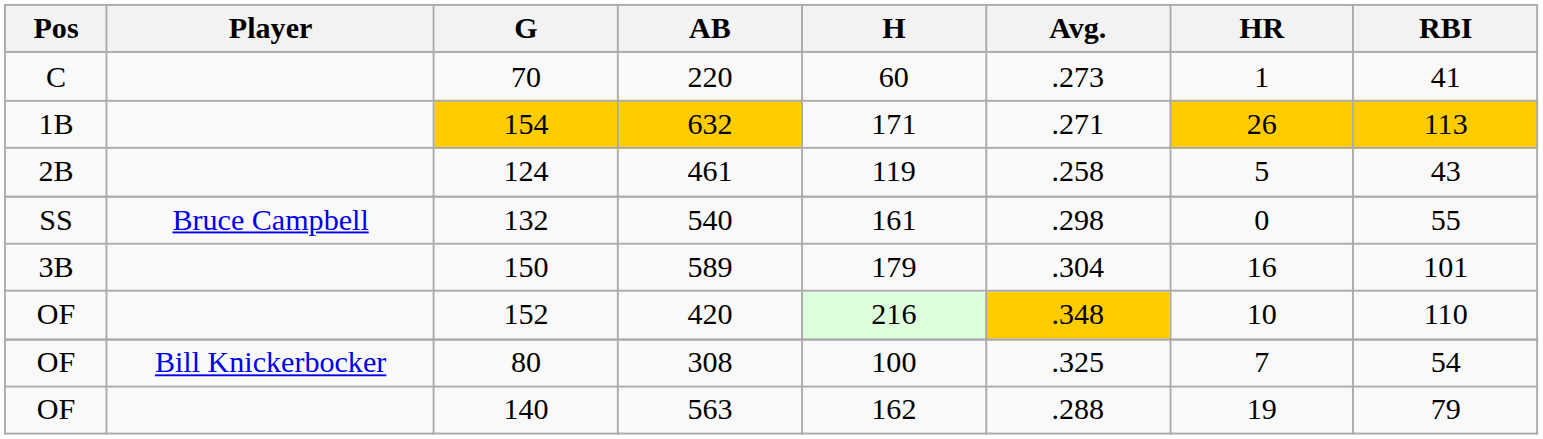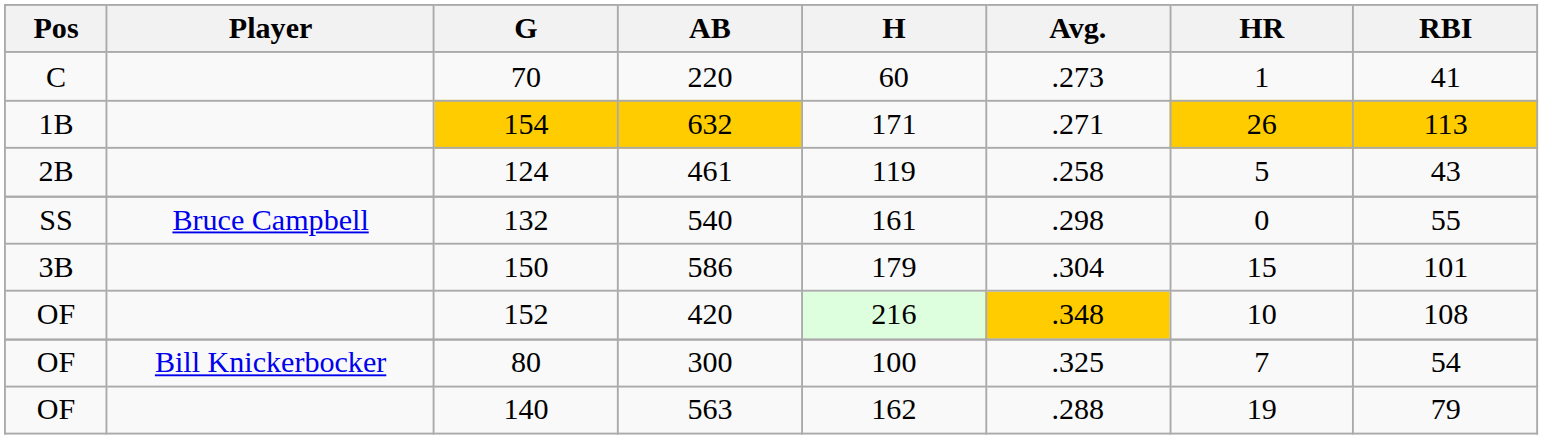 <table class="wikitable sortable">
 <tr>
 <th bgcolor="#DDDDFF" width="5%">Pos</th>
 <th bgcolor="#DDDDFF" width="16%">Player</th>
 <th bgcolor="#DDDDFF" width="9%">G</th>
 <th bgcolor="#DDDDFF" width="9%">AB</th>
 <th bgcolor="#DDDDFF" width="9%">H</th>
 <th bgcolor="#DDDDFF" width="9%">Avg.</th>
 <th bgcolor="#DDDDFF" width="9%">HR</th>
 <th bgcolor="#DDDDFF" width="9%">RBI</th>
 </tr>
 <tr align="center">
 <td>C</td>
 <td></td>
 <td>70</td>
 <td>220</td>
 <td>60</td>
 <td>.273</td>
 <td>1</td>
 <td>41</td>
 </tr>
 <tr align="center">
 <td>1B</td>
 <td></td>
 <td style="background:#fc0;">154</td>
 <td style="background:#fc0;">632</td>
 <td>171</td>
 <td>.271</td>
 <td style="background:#fc0;">26</td>
 <td style="background:#fc0;">113</td>
 </tr>
 <tr align="center">
 <td>2B</td>
 <td></td>
 <td>124</td>
 <td>461</td>
 <td>119</td>
 <td>.258</td>
 <td>5</td>
 <td>43</td>
 </tr>
 <tr>
 </tr>
 <tr align="center">
 <td>SS</td>
 <td><a href='#'>Bruce Campbell</a></td>
 <td>132</td>
 <td>540</td>
 <td>161</td>
 <td>.298</td>
 <td>0</td>
 <td>55</td>
 </tr>
 <tr align="center">
 <td>3B</td>
 <td></td>
 <td>150</td>
-<td>589</td>
+<td>586</td>
 <td>179</td>
 <td>.304</td>
-<td>16</td>
+<td>15</td>
 <td>101</td>
 </tr>
 <tr align="center">
 <td>OF</td>
 <td></td>
 <td>152</td>
 <td>420</td>
 <td style="background:#DDFFDD;">216</td>
 <td style="background:#fc0;">.348</td>
 <td>10</td>
-<td>110</td>
+<td>108</td>
 </tr>
 <tr>
 </tr>
 <tr align="center">
 <td>OF</td>
 <td><a href='#'>Bill Knickerbocker</a></td>
 <td>80</td>
-<td>308</td>
+<td>300</td>
 <td>100</td>
 <td>.325</td>
 <td>7</td>
 <td>54</td>
 </tr>
 <tr align="center">
 <td>OF</td>
 <td></td>
 <td>140</td>
 <td>563</td>
 <td>162</td>
 <td>.288</td>
 <td>19</td>
 <td>79</td>
 </tr>
 </table>
